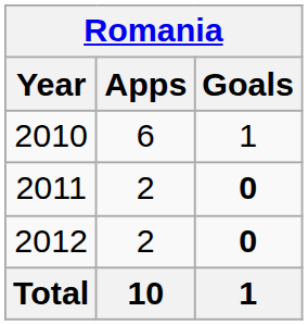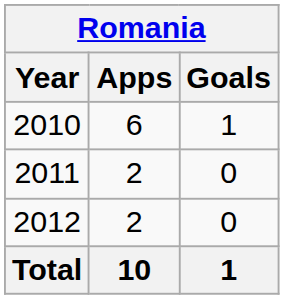 <table class="wikitable" style="text-align:center">
 <tr>
 <th colspan=3><a href='#'>Romania</a></th>
 </tr>
 <tr>
 <th>Year</th>
 <th>Apps</th>
 <th>Goals</th>
 </tr>
 <tr>
 <td>2010</td>
 <td>6</td>
 <td>1</td>
 </tr>
 <tr>
 <td>2011</td>
 <td>2</td>
-<td><strong>0</strong></td>
+<td>0</td>
 </tr>
 <tr>
 <td>2012</td>
 <td>2</td>
-<td><strong>0</strong></td>
+<td>0</td>
 </tr>
 <tr>
 <th>Total</th>
 <th>10</th>
 <th>1</th>
 </tr>
 </table>
